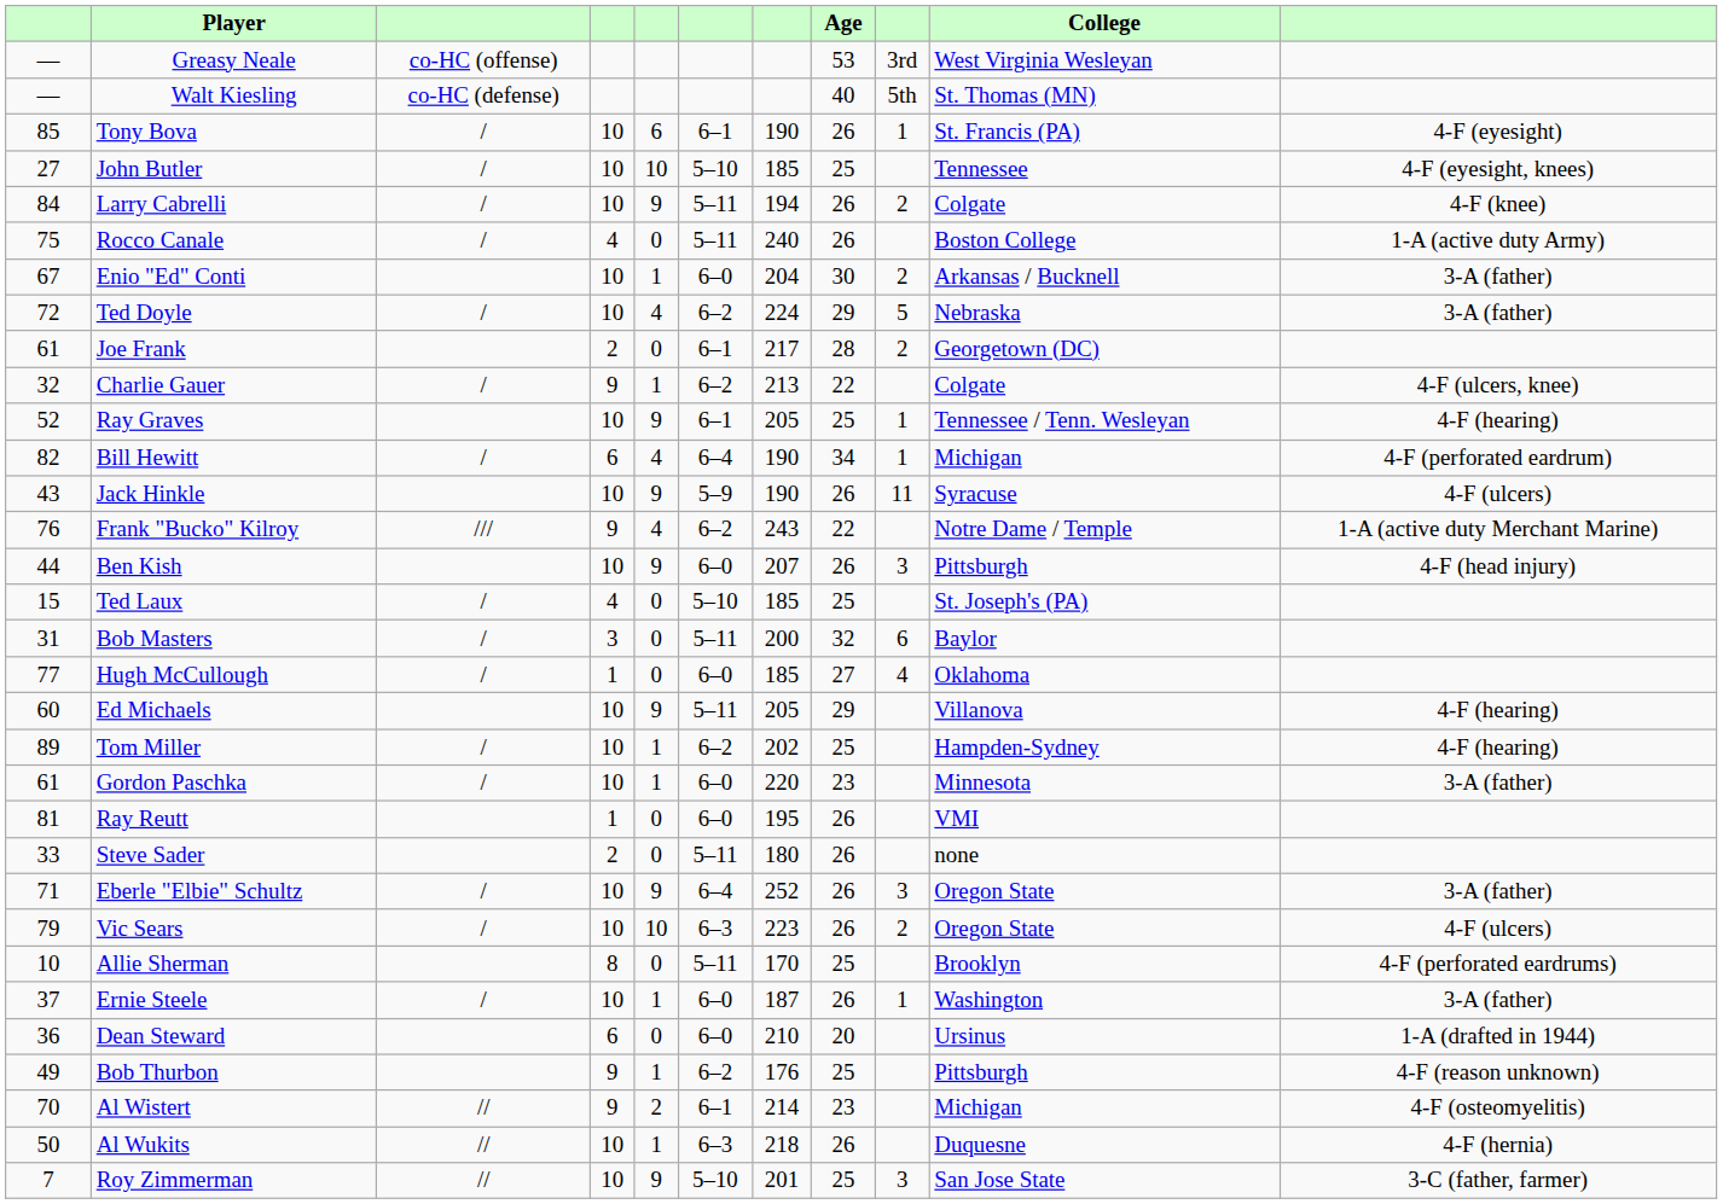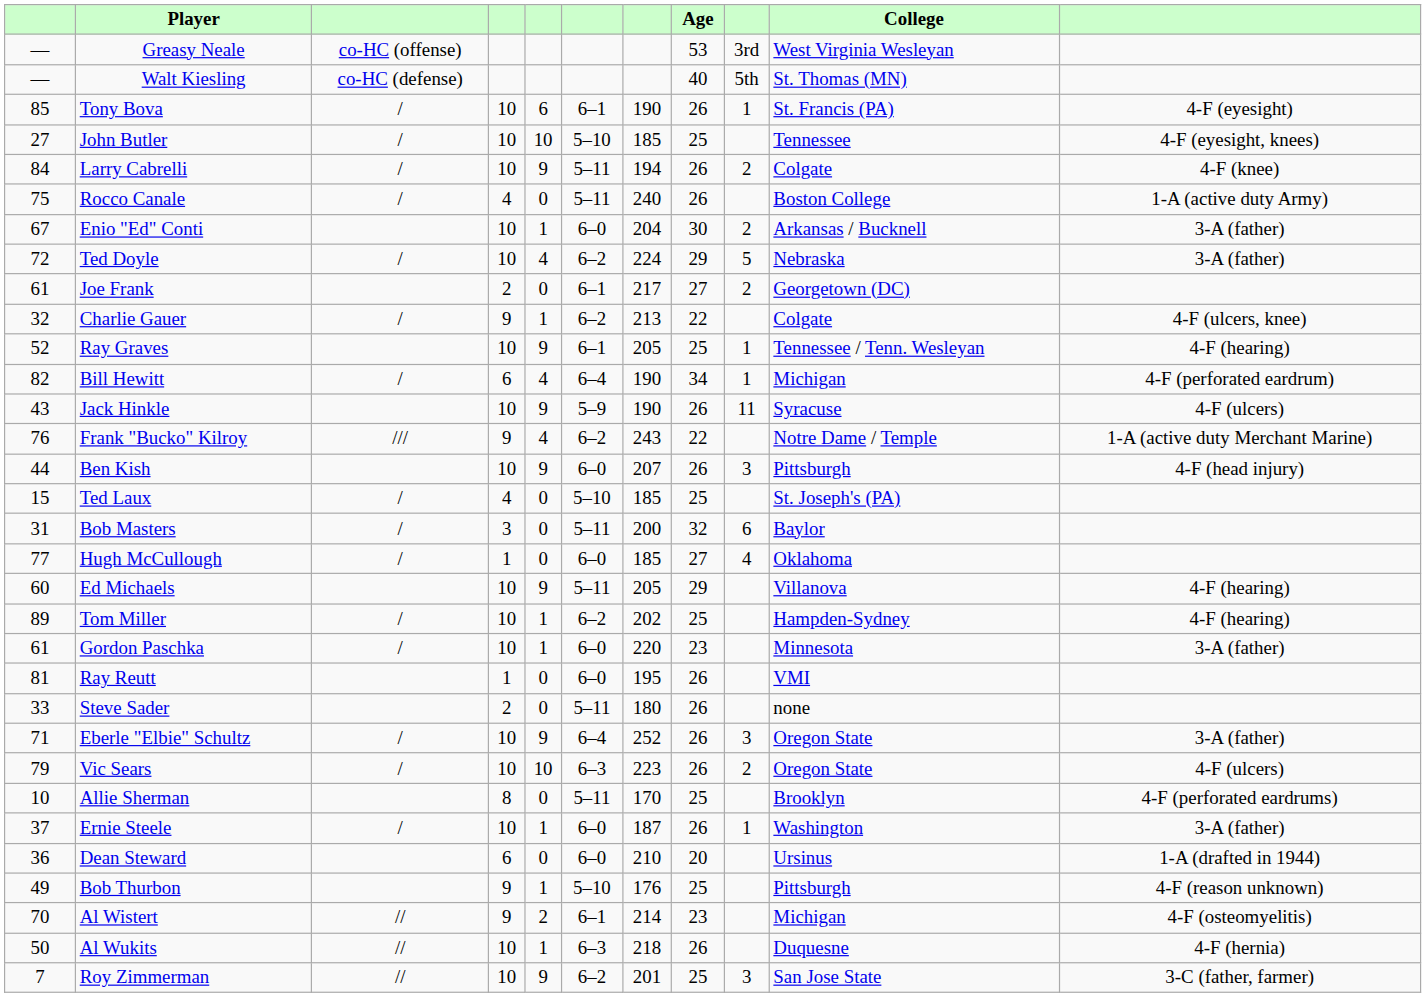 <table class="wikitable sortable sortable" style="width:95%">
 <tr>
 <th style="background:#CCFFCC;" width=5%></th>
 <th !width=15% style="background:#CCFFCC;">Player</th>
 <th !width=6% style="background:#CCFFCC;"></th>
 <th !width=4% style="background:#CCFFCC;"></th>
 <th !width=4% style="background:#CCFFCC;"></th>
 <th !width=4% style="background:#CCFFCC;"></th>
 <th !width=4% style="background:#CCFFCC;"></th>
 <th !width=4% style="background:#CCFFCC;">Age</th>
 <th !width=4% style="background:#CCFFCC;"></th>
 <th !width=20% style="background:#CCFFCC;">College</th>
 <th !width=20% style="background:#CCFFCC;"></th>
 </tr>
 <tr align=center>
 <td>—</td>
 <td><a href='#'>Greasy Neale</a></td>
 <td><a href='#'>co-HC</a> (offense)</td>
 <td></td>
 <td></td>
 <td></td>
 <td></td>
 <td>53</td>
 <td>3rd</td>
 <td align=left><a href='#'>West Virginia Wesleyan</a></td>
 <td></td>
 </tr>
 <tr align=center>
 <td>—</td>
 <td><a href='#'>Walt Kiesling</a></td>
 <td><a href='#'>co-HC</a>  (defense)</td>
 <td></td>
 <td></td>
 <td></td>
 <td></td>
 <td>40</td>
 <td>5th</td>
 <td align=left><a href='#'>St. Thomas (MN)</a></td>
 <td></td>
 </tr>
 <tr align=center>
 <td>85</td>
 <td align=left><a href='#'>Tony Bova</a></td>
 <td>/</td>
 <td>10</td>
 <td>6</td>
 <td>6–1</td>
 <td>190</td>
 <td>26</td>
 <td>1</td>
 <td align=left><a href='#'>St. Francis (PA)</a></td>
 <td>4-F (eyesight)</td>
 </tr>
 <tr align=center>
 <td>27</td>
 <td align=left><a href='#'>John Butler</a></td>
 <td>/</td>
 <td>10</td>
 <td>10</td>
 <td>5–10</td>
 <td>185</td>
 <td>25</td>
 <td></td>
 <td align=left><a href='#'>Tennessee</a></td>
 <td>4-F (eyesight, knees)</td>
 </tr>
 <tr align=center>
 <td>84</td>
 <td align=left><a href='#'>Larry Cabrelli</a></td>
 <td>/</td>
 <td>10</td>
 <td>9</td>
 <td>5–11</td>
 <td>194</td>
 <td>26</td>
 <td>2</td>
 <td align=left><a href='#'>Colgate</a></td>
 <td>4-F (knee)</td>
 </tr>
 <tr align=center>
 <td>75</td>
 <td align=left><a href='#'>Rocco Canale</a></td>
 <td>/</td>
 <td>4</td>
 <td>0</td>
 <td>5–11</td>
 <td>240</td>
 <td>26</td>
 <td></td>
 <td align=left><a href='#'>Boston College</a></td>
 <td>1-A (active duty Army)</td>
 </tr>
 <tr align=center>
 <td>67</td>
 <td align=left><a href='#'>Enio "Ed" Conti</a></td>
 <td></td>
 <td>10</td>
 <td>1</td>
 <td>6–0</td>
 <td>204</td>
 <td>30</td>
 <td>2</td>
 <td align=left><a href='#'>Arkansas</a> / <a href='#'>Bucknell</a></td>
 <td>3-A (father)</td>
 </tr>
 <tr align=center>
 <td>72</td>
 <td align=left><a href='#'>Ted Doyle</a></td>
 <td>/</td>
 <td>10</td>
 <td>4</td>
 <td>6–2</td>
 <td>224</td>
 <td>29</td>
 <td>5</td>
 <td align=left><a href='#'>Nebraska</a></td>
 <td>3-A (father)</td>
 </tr>
 <tr align=center>
 <td>61</td>
 <td align=left><a href='#'>Joe Frank</a></td>
 <td></td>
 <td>2</td>
 <td>0</td>
 <td>6–1</td>
 <td>217</td>
-<td>28</td>
+<td>27</td>
 <td>2</td>
 <td align=left><a href='#'>Georgetown (DC)</a></td>
 <td></td>
 </tr>
 <tr align=center>
 <td>32</td>
 <td align=left><a href='#'>Charlie Gauer</a></td>
 <td>/</td>
 <td>9</td>
 <td>1</td>
 <td>6–2</td>
 <td>213</td>
 <td>22</td>
 <td></td>
 <td align=left><a href='#'>Colgate</a></td>
 <td>4-F (ulcers, knee)</td>
 </tr>
 <tr align=center>
 <td>52</td>
 <td - align=left><a href='#'>Ray Graves</a></td>
 <td></td>
 <td>10</td>
 <td>9</td>
 <td>6–1</td>
 <td>205</td>
 <td>25</td>
 <td>1</td>
 <td - align=left><a href='#'>Tennessee</a> / <a href='#'>Tenn. Wesleyan</a></td>
 <td>4-F (hearing)</td>
 </tr>
 <tr align=center>
 <td>82</td>
 <td align=left><a href='#'>Bill Hewitt</a></td>
 <td>/</td>
 <td>6</td>
 <td>4</td>
 <td>6–4</td>
 <td>190</td>
 <td>34</td>
 <td>1</td>
 <td align=left><a href='#'>Michigan</a></td>
 <td>4-F (perforated eardrum)</td>
 </tr>
 <tr align=center>
 <td>43</td>
 <td align=left><a href='#'>Jack Hinkle</a></td>
 <td></td>
 <td>10</td>
 <td>9</td>
 <td>5–9</td>
 <td>190</td>
 <td>26</td>
 <td>11</td>
 <td align=left><a href='#'>Syracuse</a></td>
 <td>4-F (ulcers)</td>
 </tr>
 <tr align=center>
 <td>76</td>
 <td align=left><a href='#'>Frank "Bucko" Kilroy</a></td>
 <td>///</td>
 <td>9</td>
 <td>4</td>
 <td>6–2</td>
 <td>243</td>
 <td>22</td>
 <td></td>
 <td align=left><a href='#'>Notre Dame</a> / <a href='#'>Temple</a></td>
 <td>1-A (active duty Merchant Marine)</td>
 </tr>
 <tr align=center>
 <td>44</td>
 <td align=left><a href='#'>Ben Kish</a></td>
 <td></td>
 <td>10</td>
 <td>9</td>
 <td>6–0</td>
 <td>207</td>
 <td>26</td>
 <td>3</td>
 <td align=left><a href='#'>Pittsburgh</a></td>
 <td>4-F (head injury)</td>
 </tr>
 <tr align=center>
 <td>15</td>
 <td align=left><a href='#'>Ted Laux</a></td>
 <td>/</td>
 <td>4</td>
 <td>0</td>
 <td>5–10</td>
 <td>185</td>
 <td>25</td>
 <td></td>
 <td align=left><a href='#'>St. Joseph's (PA)</a></td>
 <td></td>
 </tr>
 <tr align=center>
 <td>31</td>
 <td align=left><a href='#'>Bob Masters</a></td>
 <td>/</td>
 <td>3</td>
 <td>0</td>
 <td>5–11</td>
 <td>200</td>
 <td>32</td>
 <td>6</td>
 <td align=left><a href='#'>Baylor</a></td>
 <td></td>
 </tr>
 <tr align=center ||>
 <td>77</td>
 <td align=left><a href='#'>Hugh McCullough</a></td>
 <td>/</td>
 <td>1</td>
 <td>0</td>
 <td>6–0</td>
 <td>185</td>
 <td>27</td>
 <td>4</td>
 <td align=left><a href='#'>Oklahoma</a></td>
 <td></td>
 </tr>
 <tr align=center>
 <td>60</td>
 <td align=left><a href='#'>Ed Michaels</a></td>
 <td></td>
 <td>10</td>
 <td>9</td>
 <td>5–11</td>
 <td>205</td>
 <td>29</td>
 <td></td>
 <td align=left><a href='#'>Villanova</a></td>
 <td>4-F (hearing)</td>
 </tr>
 <tr align=center>
 <td>89</td>
 <td align=left><a href='#'>Tom Miller</a></td>
 <td>/</td>
 <td>10</td>
 <td>1</td>
 <td>6–2</td>
 <td>202</td>
 <td>25</td>
 <td></td>
 <td align=left><a href='#'>Hampden-Sydney</a></td>
 <td>4-F (hearing)</td>
 </tr>
 <tr align=center>
 <td>61</td>
 <td align=left><a href='#'>Gordon Paschka</a></td>
 <td>/</td>
 <td>10</td>
 <td>1</td>
 <td>6–0</td>
 <td>220</td>
 <td>23</td>
 <td></td>
 <td align=left><a href='#'>Minnesota</a></td>
 <td>3-A (father)</td>
 </tr>
 <tr align=center>
 <td>81</td>
 <td align=left><a href='#'>Ray Reutt</a></td>
 <td></td>
 <td>1</td>
 <td>0</td>
 <td>6–0</td>
 <td>195</td>
 <td>26</td>
 <td></td>
 <td align=left><a href='#'>VMI</a></td>
 <td></td>
 </tr>
 <tr align=center>
 <td>33</td>
 <td align=left><a href='#'>Steve Sader</a></td>
 <td></td>
 <td>2</td>
 <td>0</td>
 <td>5–11</td>
 <td>180</td>
 <td>26</td>
 <td></td>
 <td align=left>none</td>
 <td></td>
 </tr>
 <tr align=center>
 <td>71</td>
 <td align=left><a href='#'>Eberle "Elbie" Schultz</a></td>
 <td>/</td>
 <td>10</td>
 <td>9</td>
 <td>6–4</td>
 <td>252</td>
 <td>26</td>
 <td>3</td>
 <td align=left><a href='#'>Oregon State</a></td>
 <td>3-A (father)</td>
 </tr>
 <tr align=center>
 <td>79</td>
 <td align=left><a href='#'>Vic Sears</a></td>
 <td>/</td>
 <td>10</td>
 <td>10</td>
 <td>6–3</td>
 <td>223</td>
 <td>26</td>
 <td>2</td>
 <td align=left><a href='#'>Oregon State</a></td>
 <td>4-F (ulcers)</td>
 </tr>
 <tr align=center>
 <td>10</td>
 <td align=left><a href='#'>Allie Sherman</a></td>
 <td></td>
 <td>8</td>
 <td>0</td>
 <td>5–11</td>
 <td>170</td>
 <td>25</td>
 <td></td>
 <td align=left><a href='#'>Brooklyn</a></td>
 <td>4-F (perforated eardrums)</td>
 </tr>
 <tr align=center>
 <td>37</td>
 <td align=left><a href='#'>Ernie Steele</a></td>
 <td>/</td>
 <td>10</td>
 <td>1</td>
 <td>6–0</td>
 <td>187</td>
 <td>26</td>
 <td>1</td>
 <td align=left><a href='#'>Washington</a></td>
 <td>3-A (father)</td>
 </tr>
 <tr align=center>
 <td>36</td>
 <td align=left><a href='#'>Dean Steward</a></td>
 <td></td>
 <td>6</td>
 <td>0</td>
 <td>6–0</td>
 <td>210</td>
 <td>20</td>
 <td></td>
 <td align=left><a href='#'>Ursinus</a></td>
 <td>1-A (drafted in 1944)</td>
 </tr>
 <tr align=center>
 <td>49</td>
 <td align=left><a href='#'>Bob Thurbon</a></td>
 <td></td>
 <td>9</td>
 <td>1</td>
-<td>6–2</td>
+<td>5–10</td>
 <td>176</td>
 <td>25</td>
 <td></td>
 <td align=left><a href='#'>Pittsburgh</a></td>
 <td>4-F (reason unknown)</td>
 </tr>
 <tr align=center>
 <td>70</td>
 <td align=left><a href='#'>Al Wistert</a></td>
 <td>//</td>
 <td>9</td>
 <td>2</td>
 <td>6–1</td>
 <td>214</td>
 <td>23</td>
 <td></td>
 <td align=left><a href='#'>Michigan</a></td>
 <td>4-F (osteomyelitis)</td>
 </tr>
 <tr align=center>
 <td>50</td>
 <td align=left><a href='#'>Al Wukits</a></td>
 <td>//</td>
 <td>10</td>
 <td>1</td>
 <td>6–3</td>
 <td>218</td>
 <td>26</td>
 <td></td>
 <td align=left><a href='#'>Duquesne</a></td>
 <td>4-F (hernia)</td>
 </tr>
 <tr align=center>
 <td>7</td>
 <td align=left><a href='#'>Roy Zimmerman</a></td>
 <td>//</td>
 <td>10</td>
 <td>9</td>
-<td>5–10</td>
+<td>6–2</td>
 <td>201</td>
 <td>25</td>
 <td>3</td>
 <td align=left><a href='#'>San Jose State</a></td>
 <td>3-C (father, farmer)</td>
 </tr>
 </table>
